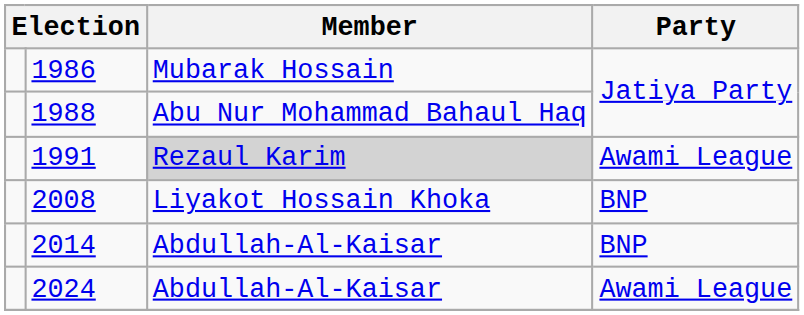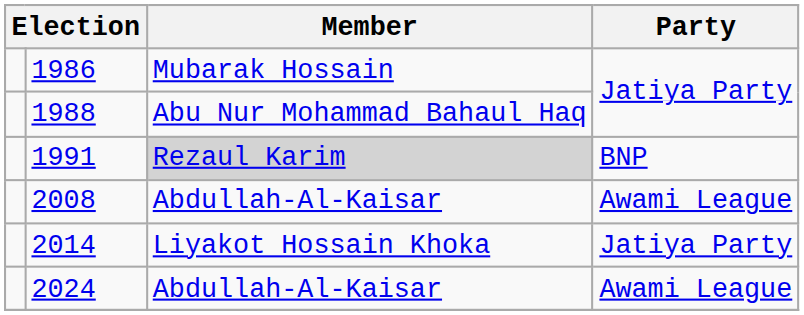 <table class="wikitable">
 <tr>
 <th colspan="2">Election</th>
 <th>Member</th>
 <th>Party</th>
 </tr>
 <tr>
 <td style="background-color:"></td>
 <td><a href='#'>1986</a></td>
 <td><a href='#'>Mubarak Hossain</a></td>
 <td rowspan="2"><a href='#'>Jatiya Party</a></td>
 </tr>
 <tr>
 <td style="background-color:"></td>
 <td><a href='#'>1988</a></td>
 <td><a href='#'>Abu Nur Mohammad Bahaul Haq</a></td>
 </tr>
 <tr>
 <td style="background-color:"></td>
 <td><a href='#'>1991</a></td>
 <td style="background: lightgrey;"><a href='#'>Rezaul Karim</a></td>
+<td><a href='#'>BNP</a></td>
+</tr>
+<tr>
+<td style="background-color:"></td>
+<td><a href='#'>2008</a></td>
+<td><a href='#'>Abdullah-Al-Kaisar</a></td>
 <td><a href='#'>Awami League</a></td>
 </tr>
 <tr>
 <td style="background-color:"></td>
-<td><a href='#'>2008</a></td>
+<td><a href='#'>2014</a></td>
 <td><a href='#'>Liyakot Hossain Khoka</a></td>
-<td><a href='#'>BNP</a></td>
-</tr>
-<tr>
-<td style="background-color:"></td>
-<td><a href='#'>2014</a></td>
-<td><a href='#'>Abdullah-Al-Kaisar</a></td>
-<td><a href='#'>BNP</a></td>
+<td><a href='#'>Jatiya Party</a></td>
 </tr>
 <tr>
 <td style="background-color:"></td>
 <td><a href='#'>2024</a></td>
 <td><a href='#'>Abdullah-Al-Kaisar</a></td>
 <td><a href='#'>Awami League</a></td>
 </tr>
 <tr>
 </tr>
 </table>
